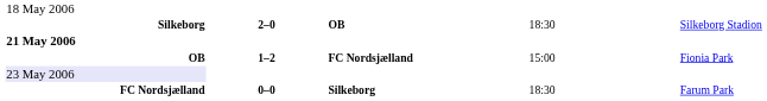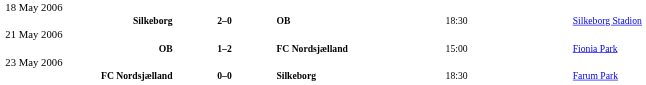 <table cellspacing="1" style="width:100%;">
 <tr>
 <th width=20%></th>
 <th width=12%></th>
 <th width=20%></th>
 <th></th>
 <th width=33%></th>
 </tr>
 <tr>
 <td>18 May 2006</td>
 </tr>
 <tr style=font-size:90%>
 <td align=right><strong>Silkeborg</strong></td>
 <td align=center><strong>2–0</strong></td>
 <td><strong>OB</strong></td>
 <td>18:30</td>
 <td><a href='#'>Silkeborg Stadion</a></td>
 </tr>
 <tr>
-<td><strong>21 May 2006</strong></td>
+<td>21 May 2006</td>
 </tr>
 <tr style=font-size:90%>
 <td align=right><strong>OB</strong></td>
 <td align=center><strong>1–2</strong></td>
 <td><strong>FC Nordsjælland</strong></td>
 <td>15:00</td>
 <td><a href='#'>Fionia Park</a></td>
 </tr>
 <tr>
-<td style="background: lavender;">23 May 2006</td>
+<td>23 May 2006</td>
 </tr>
 <tr style=font-size:90%>
 <td align=right><strong>FC Nordsjælland</strong></td>
 <td align=center><strong>0–0</strong></td>
 <td><strong>Silkeborg</strong></td>
 <td>18:30</td>
 <td><a href='#'>Farum Park</a></td>
 </tr>
 </table>
